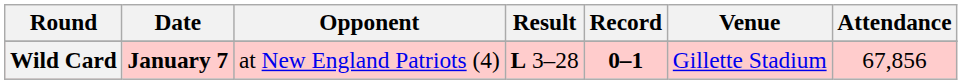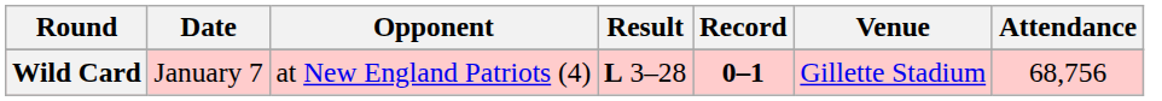 <table class="wikitable" style="text-align:center">
 <tr>
 <th>Round</th>
 <th>Date</th>
 <th>Opponent</th>
 <th>Result</th>
 <th>Record</th>
 <th>Venue</th>
 <th>Attendance</th>
 </tr>
 <tr>
 </tr>
 <tr align="center" bgcolor="#fcc">
 <th>Wild Card</th>
-<td><strong>January 7</strong></td>
+<td>January 7</td>
 <td>at <a href='#'>New England Patriots</a> (4)</td>
 <td><strong>L</strong> 3–28</td>
 <td><strong>0–1</strong></td>
 <td><a href='#'>Gillette Stadium</a></td>
-<td>67,856</td>
+<td>68,756</td>
 </tr>
 </table>
